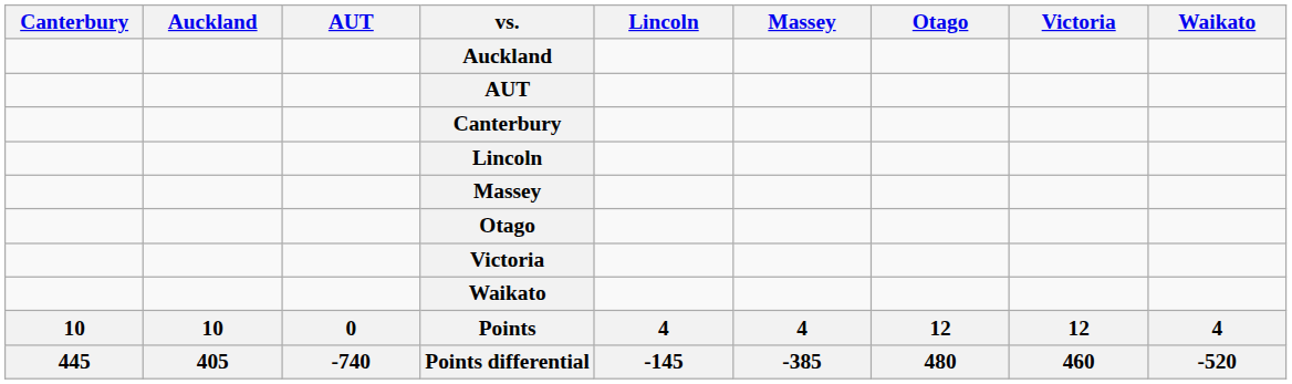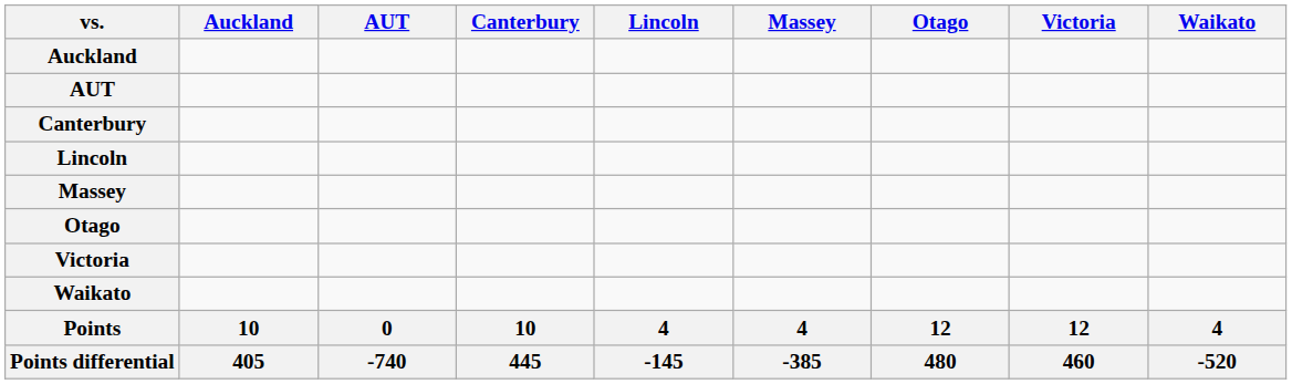 <table class="wikitable" style="text-align:center">
 <tr>
-<th style="width: 6em"><a href='#'>Canterbury</a></th>
+<th>vs.</th>
 <th style="width: 6em"><a href='#'>Auckland</a></th>
 <th style="width: 6em"><a href='#'>AUT</a></th>
-<th>vs.</th>
+<th style="width: 6em"><a href='#'>Canterbury</a></th>
 <th style="width: 6em"><a href='#'>Lincoln</a></th>
 <th style="width: 6em"><a href='#'>Massey</a></th>
 <th style="width: 6em"><a href='#'>Otago</a></th>
 <th style="width: 6em"><a href='#'>Victoria</a></th>
 <th style="width: 6em"><a href='#'>Waikato</a></th>
 </tr>
 <tr>
+<th>Auckland</th>
 <td></td>
 <td></td>
 <td></td>
-<th>Auckland</th>
 <td></td>
 <td></td>
 <td></td>
 <td></td>
 <td></td>
 </tr>
 <tr>
+<th>AUT</th>
 <td></td>
 <td></td>
 <td></td>
-<th>AUT</th>
 <td></td>
 <td></td>
 <td></td>
 <td></td>
 <td></td>
 </tr>
 <tr>
+<th>Canterbury</th>
 <td></td>
 <td></td>
 <td></td>
-<th>Canterbury</th>
 <td></td>
 <td></td>
 <td></td>
 <td></td>
 <td></td>
 </tr>
 <tr>
+<th>Lincoln</th>
 <td></td>
 <td></td>
 <td></td>
-<th>Lincoln</th>
 <td></td>
 <td></td>
 <td></td>
 <td></td>
 <td></td>
 </tr>
 <tr>
+<th>Massey</th>
 <td></td>
 <td></td>
 <td></td>
-<th>Massey</th>
 <td></td>
 <td></td>
 <td></td>
 <td></td>
 <td></td>
 </tr>
 <tr>
+<th>Otago</th>
 <td></td>
 <td></td>
 <td></td>
-<th>Otago</th>
 <td></td>
 <td></td>
 <td></td>
 <td></td>
 <td></td>
 </tr>
 <tr>
+<th>Victoria</th>
 <td></td>
 <td></td>
 <td></td>
-<th>Victoria</th>
 <td></td>
 <td></td>
 <td></td>
 <td></td>
 <td></td>
 </tr>
 <tr>
+<th>Waikato</th>
 <td></td>
 <td></td>
 <td></td>
-<th>Waikato</th>
 <td></td>
 <td></td>
 <td></td>
 <td></td>
 <td></td>
 </tr>
 <tr>
-<th>10</th>
+<th>Points</th>
 <th>10</th>
 <th>0</th>
-<th>Points</th>
+<th>10</th>
 <th>4</th>
 <th>4</th>
 <th>12</th>
 <th>12</th>
 <th>4</th>
 </tr>
 <tr>
-<th>445</th>
+<th>Points differential</th>
 <th>405</th>
 <th>-740</th>
-<th>Points differential</th>
+<th>445</th>
 <th>-145</th>
 <th>-385</th>
 <th>480</th>
 <th>460</th>
 <th>-520</th>
 </tr>
 </table>
